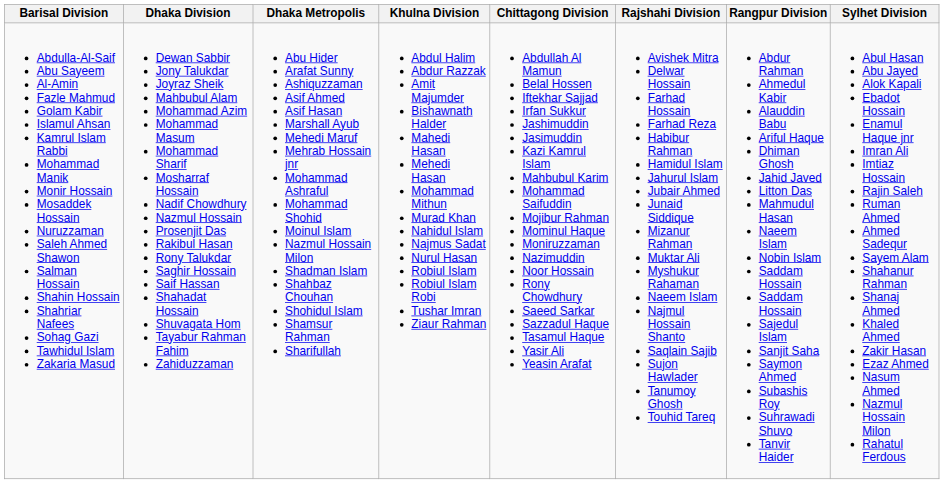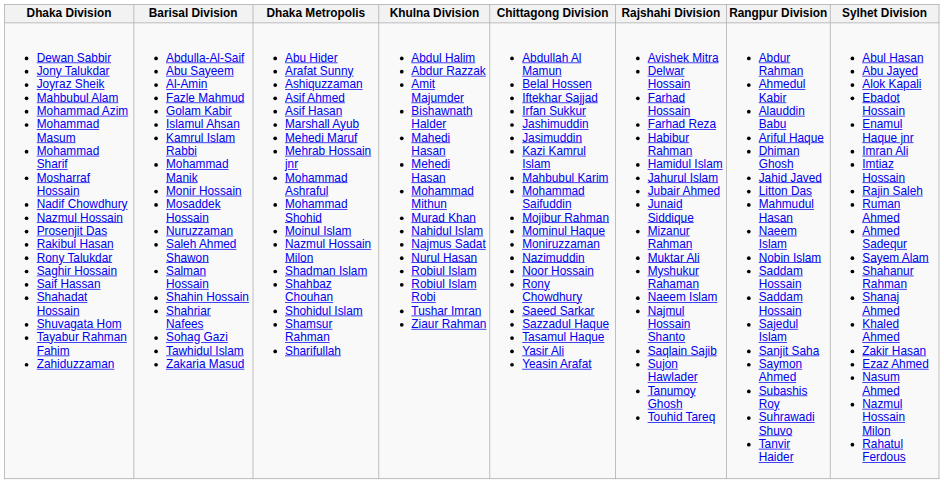 <table class="wikitable" style="text-align:left; margin:auto">
 <tr>
+<th style="width=15%;">Dhaka Division</th>
 <th style="width=15%;">Barisal Division</th>
-<th style="width=15%;">Dhaka Division</th>
 <th style="width=15%;">Dhaka Metropolis</th>
 <th style="width=15%;">Khulna Division</th>
 <th style="width=15%;">Chittagong Division</th>
 <th style="width=15%;">Rajshahi Division</th>
 <th style="width=15%;">Rangpur Division</th>
 <th style="width=15%;">Sylhet Division</th>
 </tr>
 <tr style="vertical-align:top">
+<td><br><ul><li><a href='#'>Dewan Sabbir</a></li><li><a href='#'>Jony Talukdar</a></li><li><a href='#'>Joyraz Sheik</a></li><li><a href='#'>Mahbubul Alam</a></li><li><a href='#'>Mohammad Azim</a></li><li><a href='#'>Mohammad Masum</a></li><li><a href='#'>Mohammad Sharif</a></li><li><a href='#'>Mosharraf Hossain</a></li><li><a href='#'>Nadif Chowdhury</a></li><li><a href='#'>Nazmul Hossain</a></li><li><a href='#'>Prosenjit Das</a></li><li><a href='#'>Rakibul Hasan</a></li><li><a href='#'>Rony Talukdar</a></li><li><a href='#'>Saghir Hossain</a></li><li><a href='#'>Saif Hassan</a></li><li><a href='#'>Shahadat Hossain</a></li><li><a href='#'>Shuvagata Hom</a></li><li><a href='#'>Tayabur Rahman Fahim</a></li><li><a href='#'>Zahiduzzaman</a></li></ul></td>
 <td><br><ul><li><a href='#'>Abdulla-Al-Saif</a></li><li><a href='#'>Abu Sayeem</a></li><li><a href='#'>Al-Amin</a></li><li><a href='#'>Fazle Mahmud</a></li><li><a href='#'>Golam Kabir</a></li><li><a href='#'>Islamul Ahsan</a></li><li><a href='#'>Kamrul Islam Rabbi</a></li><li><a href='#'>Mohammad Manik</a></li><li><a href='#'>Monir Hossain</a></li><li><a href='#'>Mosaddek Hossain</a></li><li><a href='#'>Nuruzzaman</a></li><li><a href='#'>Saleh Ahmed Shawon</a></li><li><a href='#'>Salman Hossain</a></li><li><a href='#'>Shahin Hossain</a></li><li><a href='#'>Shahriar Nafees</a></li><li><a href='#'>Sohag Gazi</a></li><li><a href='#'>Tawhidul Islam</a></li><li><a href='#'>Zakaria Masud</a></li></ul></td>
-<td><br><ul><li><a href='#'>Dewan Sabbir</a></li><li><a href='#'>Jony Talukdar</a></li><li><a href='#'>Joyraz Sheik</a></li><li><a href='#'>Mahbubul Alam</a></li><li><a href='#'>Mohammad Azim</a></li><li><a href='#'>Mohammad Masum</a></li><li><a href='#'>Mohammad Sharif</a></li><li><a href='#'>Mosharraf Hossain</a></li><li><a href='#'>Nadif Chowdhury</a></li><li><a href='#'>Nazmul Hossain</a></li><li><a href='#'>Prosenjit Das</a></li><li><a href='#'>Rakibul Hasan</a></li><li><a href='#'>Rony Talukdar</a></li><li><a href='#'>Saghir Hossain</a></li><li><a href='#'>Saif Hassan</a></li><li><a href='#'>Shahadat Hossain</a></li><li><a href='#'>Shuvagata Hom</a></li><li><a href='#'>Tayabur Rahman Fahim</a></li><li><a href='#'>Zahiduzzaman</a></li></ul></td>
 <td><br><ul><li><a href='#'>Abu Hider</a></li><li><a href='#'>Arafat Sunny</a></li><li><a href='#'>Ashiquzzaman</a></li><li><a href='#'>Asif Ahmed</a></li><li><a href='#'>Asif Hasan</a></li><li><a href='#'>Marshall Ayub</a></li><li><a href='#'>Mehedi Maruf</a></li><li><a href='#'>Mehrab Hossain jnr</a></li><li><a href='#'>Mohammad Ashraful</a></li><li><a href='#'>Mohammad Shohid</a></li><li><a href='#'>Moinul Islam</a></li><li><a href='#'>Nazmul Hossain Milon</a></li><li><a href='#'>Shadman Islam</a></li><li><a href='#'>Shahbaz Chouhan</a></li><li><a href='#'>Shohidul Islam</a></li><li><a href='#'>Shamsur Rahman</a></li><li><a href='#'>Sharifullah</a></li></ul></td>
 <td><br><ul><li><a href='#'>Abdul Halim</a></li><li><a href='#'>Abdur Razzak</a></li><li><a href='#'>Amit Majumder</a></li><li><a href='#'>Bishawnath Halder</a></li><li><a href='#'>Mahedi Hasan</a></li><li><a href='#'>Mehedi Hasan</a></li><li><a href='#'>Mohammad Mithun</a></li><li><a href='#'>Murad Khan</a></li><li><a href='#'>Nahidul Islam</a></li><li><a href='#'>Najmus Sadat</a></li><li><a href='#'>Nurul Hasan</a></li><li><a href='#'>Robiul Islam</a></li><li><a href='#'>Robiul Islam Robi</a></li><li><a href='#'>Tushar Imran</a></li><li><a href='#'>Ziaur Rahman</a></li></ul></td>
 <td><br><ul><li><a href='#'>Abdullah Al Mamun</a></li><li><a href='#'>Belal Hossen</a></li><li><a href='#'>Iftekhar Sajjad</a></li><li><a href='#'>Irfan Sukkur</a></li><li><a href='#'>Jashimuddin</a></li><li><a href='#'>Jasimuddin</a></li><li><a href='#'>Kazi Kamrul Islam</a></li><li><a href='#'>Mahbubul Karim</a></li><li><a href='#'>Mohammad Saifuddin</a></li><li><a href='#'>Mojibur Rahman</a></li><li><a href='#'>Mominul Haque</a></li><li><a href='#'>Moniruzzaman</a></li><li><a href='#'>Nazimuddin</a></li><li><a href='#'>Noor Hossain</a></li><li><a href='#'>Rony Chowdhury</a></li><li><a href='#'>Saeed Sarkar</a></li><li><a href='#'>Sazzadul Haque</a></li><li><a href='#'>Tasamul Haque</a></li><li><a href='#'>Yasir Ali</a></li><li><a href='#'>Yeasin Arafat</a></li></ul></td>
 <td><br><ul><li><a href='#'>Avishek Mitra</a></li><li><a href='#'>Delwar Hossain</a></li><li><a href='#'>Farhad Hossain</a></li><li><a href='#'>Farhad Reza</a></li><li><a href='#'>Habibur Rahman</a></li><li><a href='#'>Hamidul Islam</a></li><li><a href='#'>Jahurul Islam</a></li><li><a href='#'>Jubair Ahmed</a></li><li><a href='#'>Junaid Siddique</a></li><li><a href='#'>Mizanur Rahman</a></li><li><a href='#'>Muktar Ali</a></li><li><a href='#'>Myshukur Rahaman</a></li><li><a href='#'>Naeem Islam</a></li><li><a href='#'>Najmul Hossain Shanto</a></li><li><a href='#'>Saqlain Sajib</a></li><li><a href='#'>Sujon Hawlader</a></li><li><a href='#'>Tanumoy Ghosh</a></li><li><a href='#'>Touhid Tareq</a></li></ul></td>
 <td><br><ul><li><a href='#'>Abdur Rahman</a></li><li><a href='#'>Ahmedul Kabir</a></li><li><a href='#'>Alauddin Babu</a></li><li><a href='#'>Ariful Haque</a></li><li><a href='#'>Dhiman Ghosh</a></li><li><a href='#'>Jahid Javed</a></li><li><a href='#'>Litton Das</a></li><li><a href='#'>Mahmudul Hasan</a></li><li><a href='#'>Naeem Islam</a></li><li><a href='#'>Nobin Islam</a></li><li><a href='#'>Saddam Hossain</a></li><li><a href='#'>Saddam Hossain</a></li><li><a href='#'>Sajedul Islam</a></li><li><a href='#'>Sanjit Saha</a></li><li><a href='#'>Saymon Ahmed</a></li><li><a href='#'>Subashis Roy</a></li><li><a href='#'>Suhrawadi Shuvo</a></li><li><a href='#'>Tanvir Haider</a></li></ul></td>
 <td><br><ul><li><a href='#'>Abul Hasan</a></li><li><a href='#'>Abu Jayed</a></li><li><a href='#'>Alok Kapali</a></li><li><a href='#'>Ebadot Hossain</a></li><li><a href='#'>Enamul Haque jnr</a></li><li><a href='#'>Imran Ali</a></li><li><a href='#'>Imtiaz Hossain</a></li><li><a href='#'>Rajin Saleh</a></li><li><a href='#'>Ruman Ahmed</a></li><li><a href='#'>Ahmed Sadequr</a></li><li><a href='#'>Sayem Alam</a></li><li><a href='#'>Shahanur Rahman</a></li><li><a href='#'>Shanaj Ahmed</a></li><li><a href='#'>Khaled Ahmed</a></li><li><a href='#'>Zakir Hasan</a></li><li><a href='#'>Ezaz Ahmed</a></li><li><a href='#'>Nasum Ahmed</a></li><li><a href='#'>Nazmul Hossain Milon</a></li><li><a href='#'>Rahatul Ferdous</a></li></ul></td>
 </tr>
 </table>
